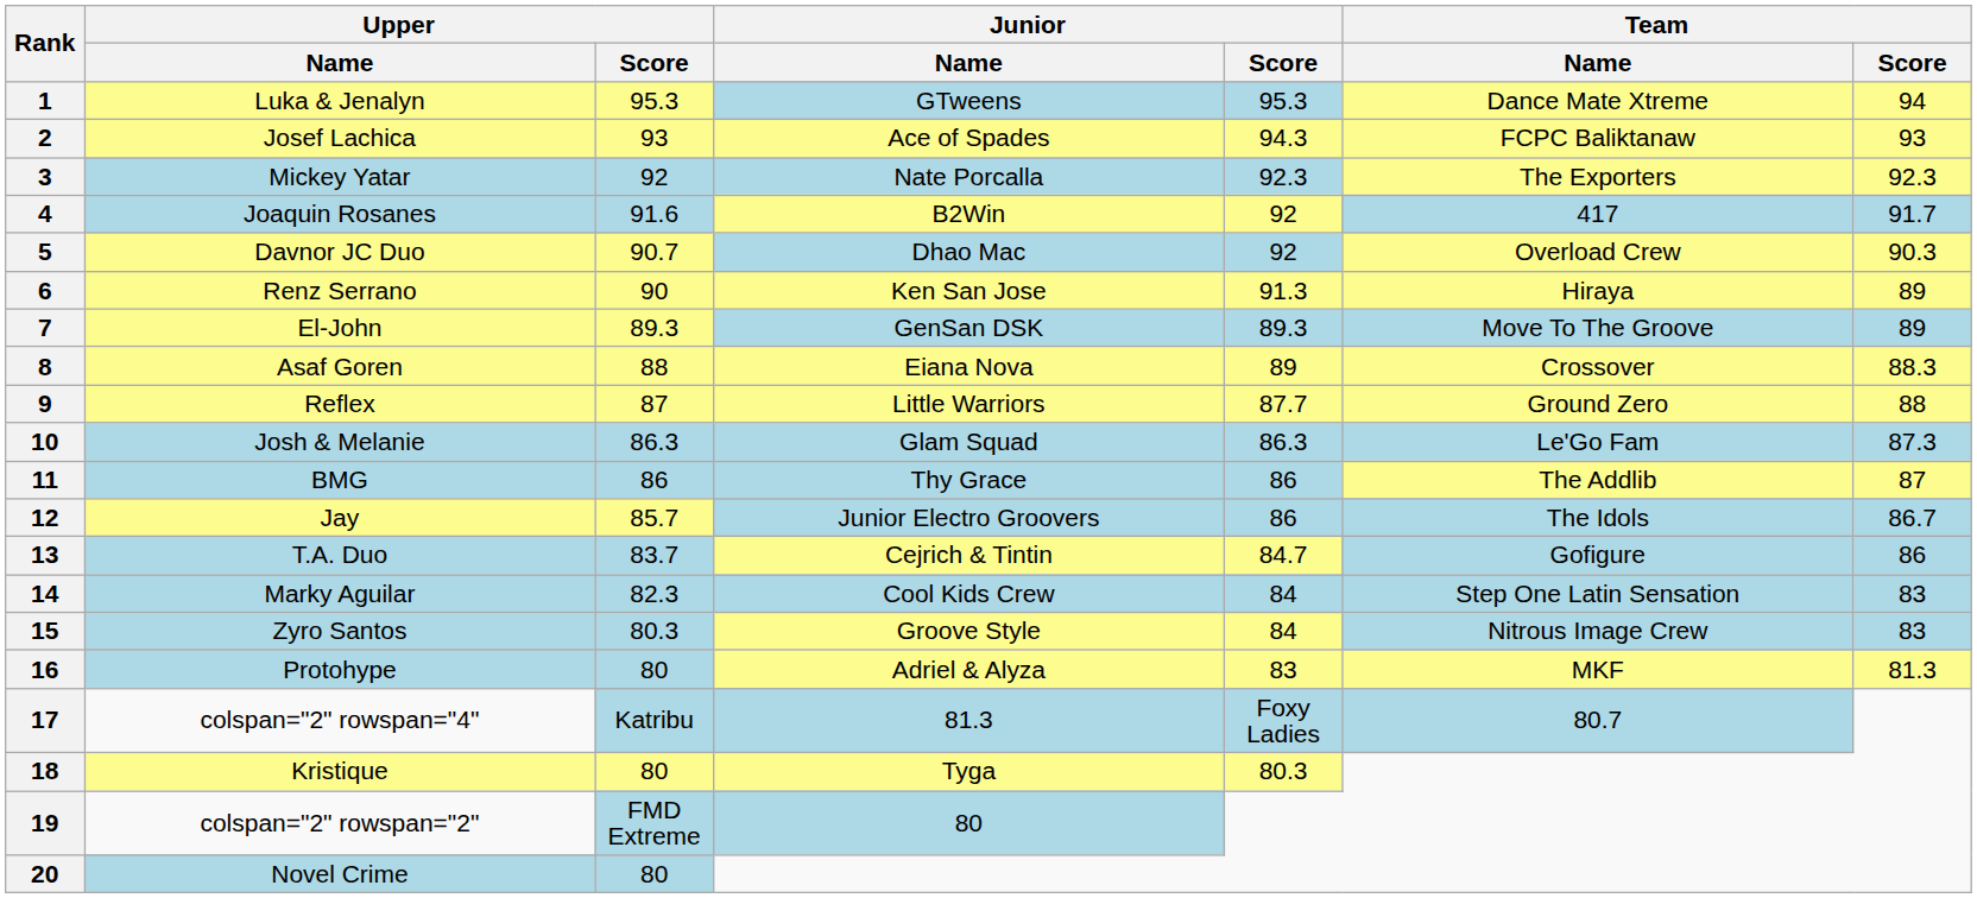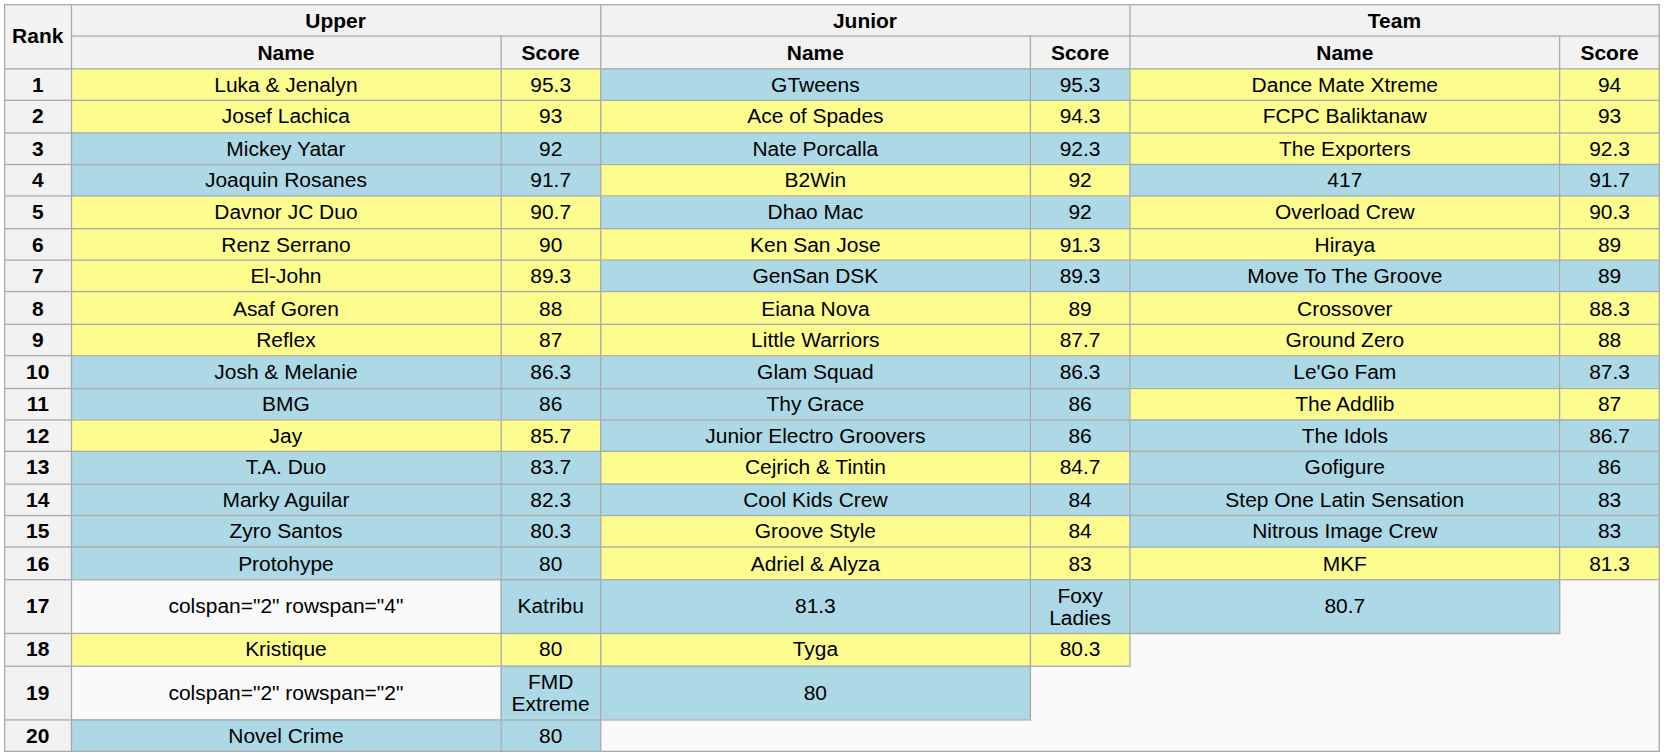 <table class="wikitable sortable" style="text-align:center; line-height:17px; width:100%;">
 <tr>
 <th scope="col" rowspan="2" style="width:04%;">Rank</th>
 <th scope="col" colspan="2" style="width:32%;">Upper</th>
 <th scope="col" colspan="2" style="width:32%;">Junior</th>
 <th scope="col" colspan="2" style="width:32%;">Team</th>
 </tr>
 <tr>
 <th scope="col" style="width:26%;">Name</th>
 <th scope="col" style="width:06%;">Score</th>
 <th scope="col" style="width:26%;">Name</th>
 <th scope="col" style="width:06%;">Score</th>
 <th scope="col" style="width:26%;">Name</th>
 <th scope="col" style="width:06%;">Score</th>
 </tr>
 <tr>
 <th>1</th>
 <td style="background:#fdfc8f;">Luka & Jenalyn</td>
 <td style="background:#fdfc8f;">95.3</td>
 <td style="background:lightblue;">GTweens</td>
 <td style="background:lightblue;">95.3</td>
 <td style="background:#fdfc8f;">Dance Mate Xtreme</td>
 <td style="background:#fdfc8f;">94</td>
 </tr>
 <tr>
 <th>2</th>
 <td style="background:#fdfc8f;">Josef Lachica</td>
 <td style="background:#fdfc8f;">93</td>
 <td style="background:#fdfc8f;">Ace of Spades</td>
 <td style="background:#fdfc8f;">94.3</td>
 <td style="background:#fdfc8f;">FCPC Baliktanaw</td>
 <td style="background:#fdfc8f;">93</td>
 </tr>
 <tr>
 <th>3</th>
 <td style="background:lightblue;">Mickey Yatar</td>
 <td style="background:lightblue;">92</td>
 <td style="background:lightblue;">Nate Porcalla</td>
 <td style="background:lightblue;">92.3</td>
 <td style="background:#fdfc8f;">The Exporters</td>
 <td style="background:#fdfc8f;">92.3</td>
 </tr>
 <tr>
 <th>4</th>
 <td style="background:lightblue;">Joaquin Rosanes</td>
-<td style="background:lightblue;">91.6</td>
+<td style="background:lightblue;">91.7</td>
 <td style="background:#fdfc8f;">B2Win</td>
 <td style="background:#fdfc8f;">92</td>
 <td style="background:lightblue;">417</td>
 <td style="background:lightblue;">91.7</td>
 </tr>
 <tr>
 <th>5</th>
 <td style="background:#fdfc8f;">Davnor JC Duo</td>
 <td style="background:#fdfc8f;">90.7</td>
 <td style="background:lightblue;">Dhao Mac</td>
 <td style="background:lightblue;">92</td>
 <td style="background:#fdfc8f;">Overload Crew</td>
 <td style="background:#fdfc8f;">90.3</td>
 </tr>
 <tr>
 <th>6</th>
 <td style="background:#fdfc8f;">Renz Serrano</td>
 <td style="background:#fdfc8f;">90</td>
 <td style="background:#fdfc8f;">Ken San Jose</td>
 <td style="background:#fdfc8f;">91.3</td>
 <td style="background:#fdfc8f;">Hiraya</td>
 <td style="background:#fdfc8f;">89</td>
 </tr>
 <tr>
 <th>7</th>
 <td style="background:#fdfc8f;">El-John</td>
 <td style="background:#fdfc8f;">89.3</td>
 <td style="background:lightblue;">GenSan DSK</td>
 <td style="background:lightblue;">89.3</td>
 <td style="background:lightblue;">Move To The Groove</td>
 <td style="background:lightblue;">89</td>
 </tr>
 <tr>
 <th>8</th>
 <td style="background:#fdfc8f;">Asaf Goren</td>
 <td style="background:#fdfc8f;">88</td>
 <td style="background:#fdfc8f;">Eiana Nova</td>
 <td style="background:#fdfc8f;">89</td>
 <td style="background:#fdfc8f;">Crossover</td>
 <td style="background:#fdfc8f;">88.3</td>
 </tr>
 <tr>
 <th>9</th>
 <td style="background:#fdfc8f;">Reflex</td>
 <td style="background:#fdfc8f;">87</td>
 <td style="background:#fdfc8f;">Little Warriors</td>
 <td style="background:#fdfc8f;">87.7</td>
 <td style="background:#fdfc8f;">Ground Zero</td>
 <td style="background:#fdfc8f;">88</td>
 </tr>
 <tr>
 <th>10</th>
 <td style="background:lightblue;">Josh & Melanie</td>
 <td style="background:lightblue;">86.3</td>
 <td style="background:lightblue;">Glam Squad</td>
 <td style="background:lightblue;">86.3</td>
 <td style="background:lightblue;">Le'Go Fam</td>
 <td style="background:lightblue;">87.3</td>
 </tr>
 <tr>
 <th>11</th>
 <td style="background:lightblue;">BMG</td>
 <td style="background:lightblue;">86</td>
 <td style="background:lightblue;">Thy Grace</td>
 <td style="background:lightblue;">86</td>
 <td style="background:#fdfc8f;">The Addlib</td>
 <td style="background:#fdfc8f;">87</td>
 </tr>
 <tr>
 <th>12</th>
 <td style="background:#fdfc8f;">Jay</td>
 <td style="background:#fdfc8f;">85.7</td>
 <td style="background:lightblue;">Junior Electro Groovers</td>
 <td style="background:lightblue;">86</td>
 <td style="background:lightblue;">The Idols</td>
 <td style="background:lightblue;">86.7</td>
 </tr>
 <tr>
 <th>13</th>
 <td style="background:lightblue;">T.A. Duo</td>
 <td style="background:lightblue;">83.7</td>
 <td style="background:#fdfc8f;">Cejrich & Tintin</td>
 <td style="background:#fdfc8f;">84.7</td>
 <td style="background:lightblue;">Gofigure</td>
 <td style="background:lightblue;">86</td>
 </tr>
 <tr>
 <th>14</th>
 <td style="background:lightblue;">Marky Aguilar</td>
 <td style="background:lightblue;">82.3</td>
 <td style="background:lightblue;">Cool Kids Crew</td>
 <td style="background:lightblue;">84</td>
 <td style="background:lightblue;">Step One Latin Sensation</td>
 <td style="background:lightblue;">83</td>
 </tr>
 <tr>
 <th>15</th>
 <td style="background:lightblue;">Zyro Santos</td>
 <td style="background:lightblue;">80.3</td>
 <td style="background:#fdfc8f;">Groove Style</td>
 <td style="background:#fdfc8f;">84</td>
 <td style="background:lightblue;">Nitrous Image Crew</td>
 <td style="background:lightblue;">83</td>
 </tr>
 <tr>
 <th>16</th>
 <td style="background:lightblue;">Protohype</td>
 <td style="background:lightblue;">80</td>
 <td style="background:#fdfc8f;">Adriel & Alyza</td>
 <td style="background:#fdfc8f;">83</td>
 <td style="background:#fdfc8f;">MKF</td>
 <td style="background:#fdfc8f;">81.3</td>
 </tr>
 <tr>
 <th>17</th>
 <td>colspan="2" rowspan="4" </td>
 <td style="background:lightblue;">Katribu</td>
 <td style="background:lightblue;">81.3</td>
 <td style="background:lightblue;">Foxy Ladies</td>
 <td style="background:lightblue;">80.7</td>
 </tr>
 <tr>
 <th>18</th>
 <td style="background:#fdfc8f;">Kristique</td>
 <td style="background:#fdfc8f;">80</td>
 <td style="background:#fdfc8f;">Tyga</td>
 <td style="background:#fdfc8f;">80.3</td>
 </tr>
 <tr>
 <th>19</th>
 <td>colspan="2" rowspan="2" </td>
 <td style="background:lightblue;">FMD Extreme</td>
 <td style="background:lightblue;">80</td>
 </tr>
 <tr>
 <th>20</th>
 <td style="background:lightblue;">Novel Crime</td>
 <td style="background:lightblue;">80</td>
 </tr>
 </table>
